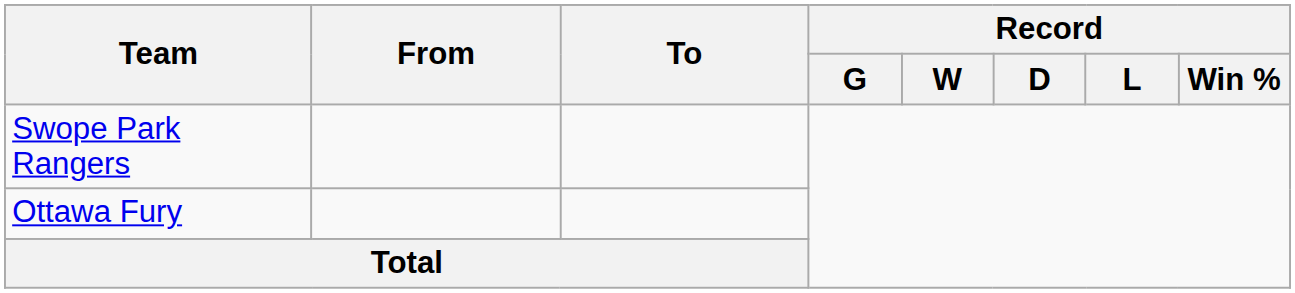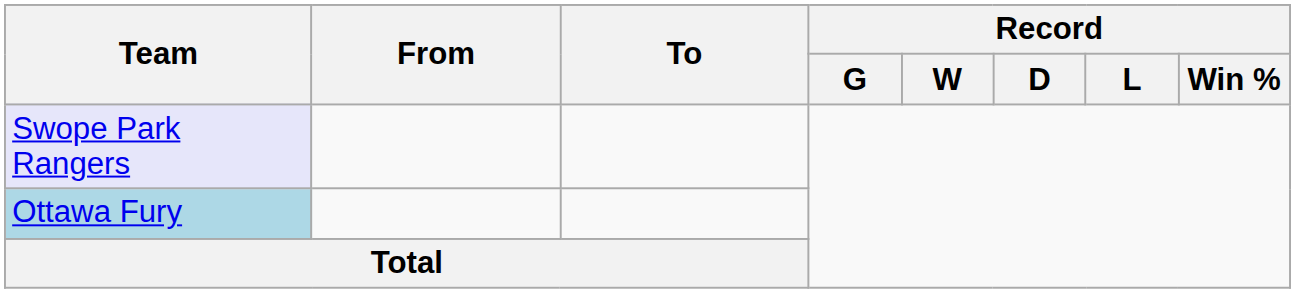 <table class="wikitable" style="text-align: center">
 <tr>
 <th rowspan=2! width=150>Team</th>
 <th rowspan=2! width=120>From</th>
 <th rowspan=2! width=120>To</th>
 <th colspan=7>Record</th>
 </tr>
 <tr>
 <th width=40>G</th>
 <th width=40>W</th>
 <th width=40>D</th>
 <th width=40>L</th>
 <th width=50>Win %</th>
 </tr>
 <tr>
-<td align=left> <a href='#'>Swope Park Rangers</a></td>
+<td align=left style="background: lavender;"> <a href='#'>Swope Park Rangers</a></td>
 <td align=left></td>
 <td align=left><br></td>
 </tr>
 <tr>
-<td align=left> <a href='#'>Ottawa Fury</a></td>
+<td align=left style="background: lightblue;"> <a href='#'>Ottawa Fury</a></td>
 <td align=left></td>
 <td align=left><br></td>
 </tr>
 <tr>
 <th colspan="3">Total<br></th>
 </tr>
 </table>
